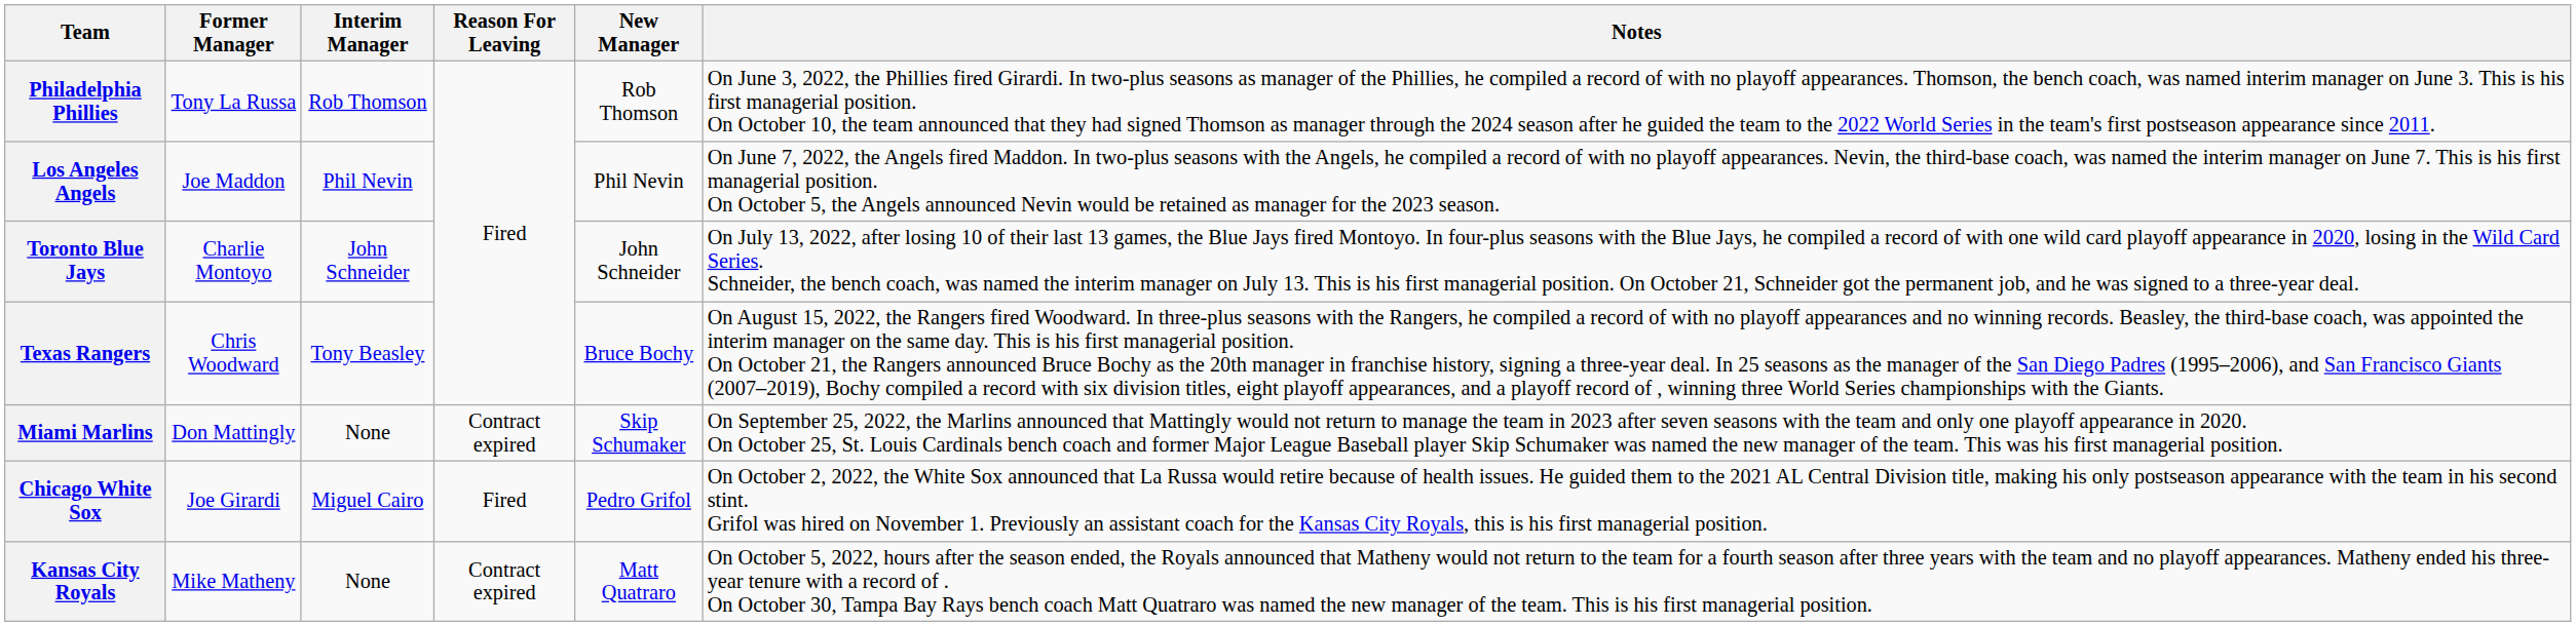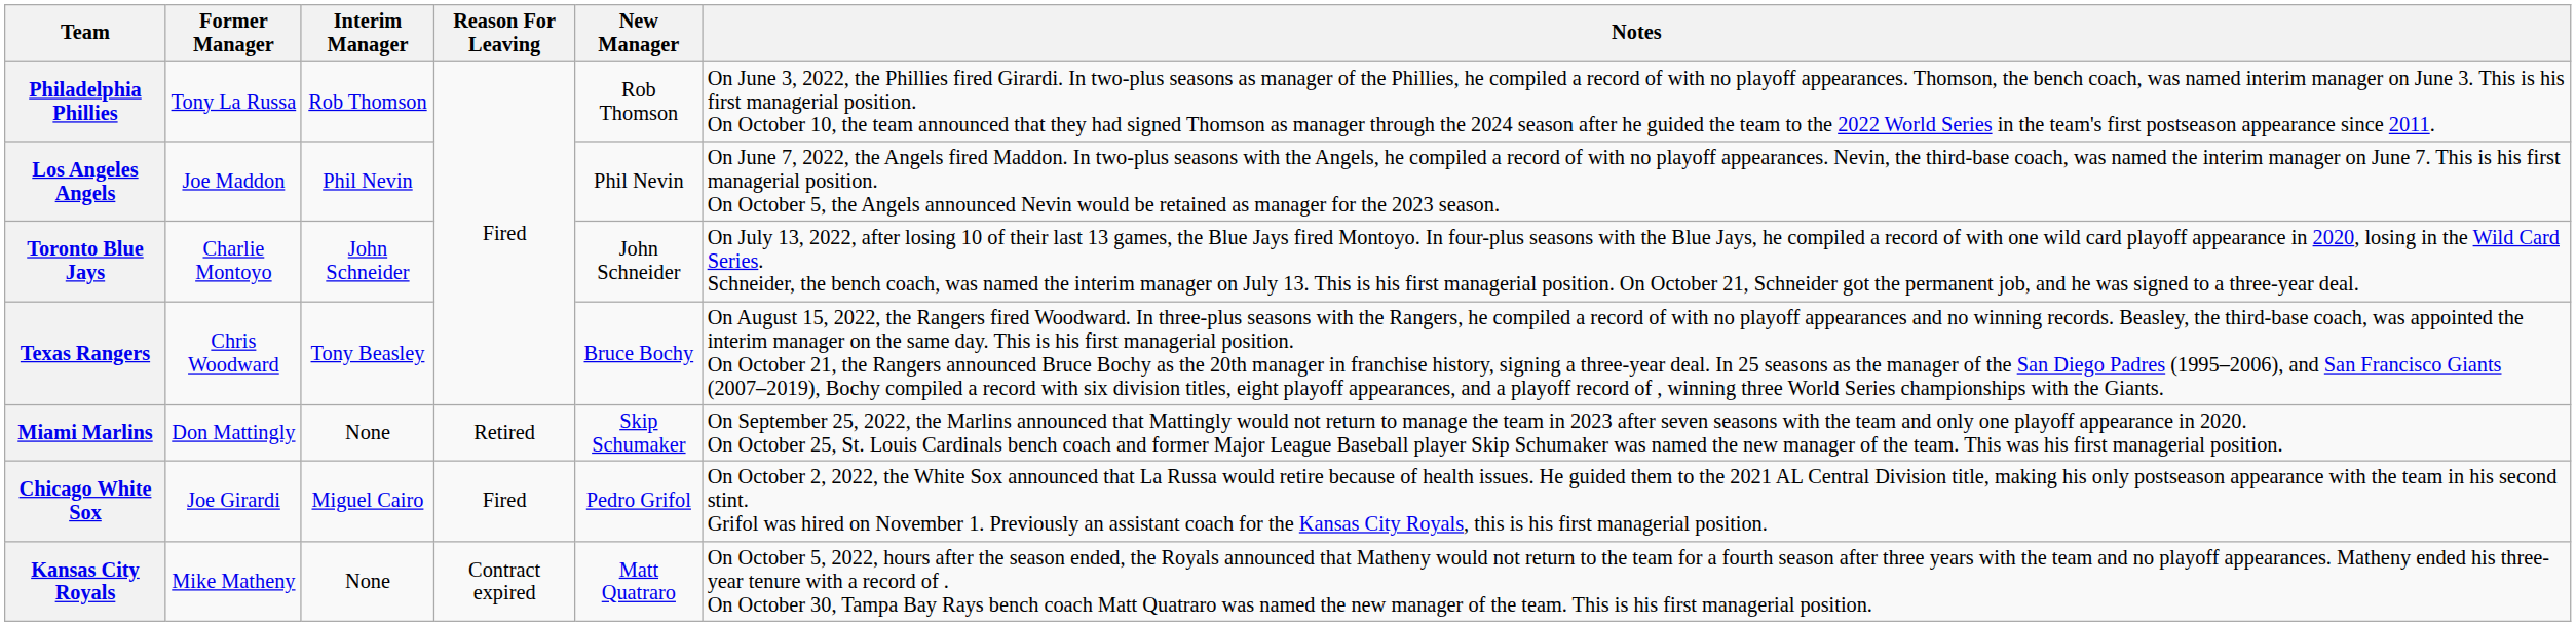 <table class="wikitable plainrowheaders" style="text-align:center;">
 <tr>
 <th scope="col">Team</th>
 <th scope="col">Former Manager</th>
 <th scope="col">Interim Manager</th>
 <th scope="col">Reason For Leaving</th>
 <th scope="col">New Manager</th>
 <th scope="col">Notes</th>
 </tr>
 <tr>
 <th scope="row" style="text-align:center;"><a href='#'>Philadelphia Phillies</a></th>
 <td><a href='#'>Tony La Russa</a></td>
 <td><a href='#'>Rob Thomson</a></td>
 <td rowspan="4">Fired</td>
 <td>Rob Thomson</td>
 <td style="text-align:left;">On June 3, 2022, the Phillies fired Girardi. In two-plus seasons as manager of the Phillies, he compiled a record of  with no playoff appearances. Thomson, the bench coach, was named interim manager on June 3. This is his first managerial position.<br>On October 10, the team announced that they had signed Thomson as manager through the 2024 season after he guided the team to the <a href='#'>2022 World Series</a> in the team's first postseason appearance since <a href='#'>2011</a>.</td>
 </tr>
 <tr>
 <th scope="row" style="text-align:center"><a href='#'>Los Angeles Angels</a></th>
 <td><a href='#'>Joe Maddon</a></td>
 <td><a href='#'>Phil Nevin</a></td>
 <td>Phil Nevin</td>
 <td style="text-align:left;">On June 7, 2022, the Angels fired Maddon. In two-plus seasons with the Angels, he compiled a record of  with no playoff appearances. Nevin, the third-base coach, was named the interim manager on June 7. This is his first managerial position.<br>On October 5, the Angels announced Nevin would be retained as manager for the 2023 season.</td>
 </tr>
 <tr>
 <th scope="row" style="text-align:center"><a href='#'>Toronto Blue Jays</a></th>
 <td><a href='#'>Charlie Montoyo</a></td>
 <td><a href='#'>John Schneider</a></td>
 <td John Schneider (baseball)>John Schneider</td>
 <td style="text-align:left;">On July 13, 2022, after losing 10 of their last 13 games, the Blue Jays fired Montoyo. In four-plus seasons with the Blue Jays, he compiled a record of  with one wild card playoff appearance in <a href='#'>2020</a>, losing in the <a href='#'>Wild Card Series</a>.<br>Schneider, the bench coach, was named the interim manager on July 13. This is his first managerial position. On October 21, Schneider got the permanent job, and he was signed to a three-year deal.</td>
 </tr>
 <tr>
 <th scope="row" style="text-align:center"><a href='#'>Texas Rangers</a></th>
 <td><a href='#'>Chris Woodward</a></td>
 <td><a href='#'>Tony Beasley</a></td>
 <td><a href='#'>Bruce Bochy</a></td>
 <td style="text-align:left;">On August 15, 2022, the Rangers fired Woodward. In three-plus seasons with the Rangers, he compiled a record of  with no playoff appearances and no winning records. Beasley, the third-base coach, was appointed the interim manager on the same day. This is his first managerial position.<br>On October 21, the Rangers announced Bruce Bochy as the 20th manager in franchise history, signing a three-year deal. In 25 seasons as the manager of the <a href='#'>San Diego Padres</a> (1995–2006), and <a href='#'>San Francisco Giants</a> (2007–2019), Bochy compiled a  record with six division titles, eight playoff appearances, and a playoff record of , winning three World Series championships with the Giants.</td>
 </tr>
 <tr>
 <th scope="row" style="text-align:center"><a href='#'>Miami Marlins</a></th>
 <td><a href='#'>Don Mattingly</a></td>
 <td>None</td>
-<td>Contract expired</td>
+<td>Retired</td>
 <td><a href='#'>Skip Schumaker</a></td>
 <td style="text-align:left;">On September 25, 2022, the Marlins announced that Mattingly would not return to manage the team in 2023 after seven seasons with the team and only one playoff appearance in 2020.<br>On October 25, St. Louis Cardinals bench coach and former Major League Baseball player Skip Schumaker was named the new manager of the team. This was his first managerial position.</td>
 </tr>
 <tr>
 <th scope="row" style="text-align:center"><a href='#'>Chicago White Sox</a></th>
 <td><a href='#'>Joe Girardi</a></td>
 <td><a href='#'>Miguel Cairo</a></td>
 <td>Fired</td>
 <td><a href='#'>Pedro Grifol</a></td>
 <td style="text-align:left;">On October 2, 2022, the White Sox announced that La Russa would retire because of health issues. He guided them to the 2021 AL Central Division title, making his only postseason appearance with the team in his second stint.<br>Grifol was hired on November 1. Previously an assistant coach for the <a href='#'>Kansas City Royals</a>, this is his first managerial position.</td>
 </tr>
 <tr>
 <th scope="row" style="text-align:center"><a href='#'>Kansas City Royals</a></th>
 <td><a href='#'>Mike Matheny</a></td>
 <td>None</td>
 <td>Contract expired</td>
 <td><a href='#'>Matt Quatraro</a></td>
 <td style="text-align:left;">On October 5, 2022, hours after the season ended, the Royals announced that Matheny would not return to the team for a fourth season after three years with the team and no playoff appearances. Matheny ended his three-year tenure with a record of .<br>On October 30, Tampa Bay Rays bench coach Matt Quatraro was named the new manager of the team. This is his first managerial position.</td>
 </tr>
 </table>
